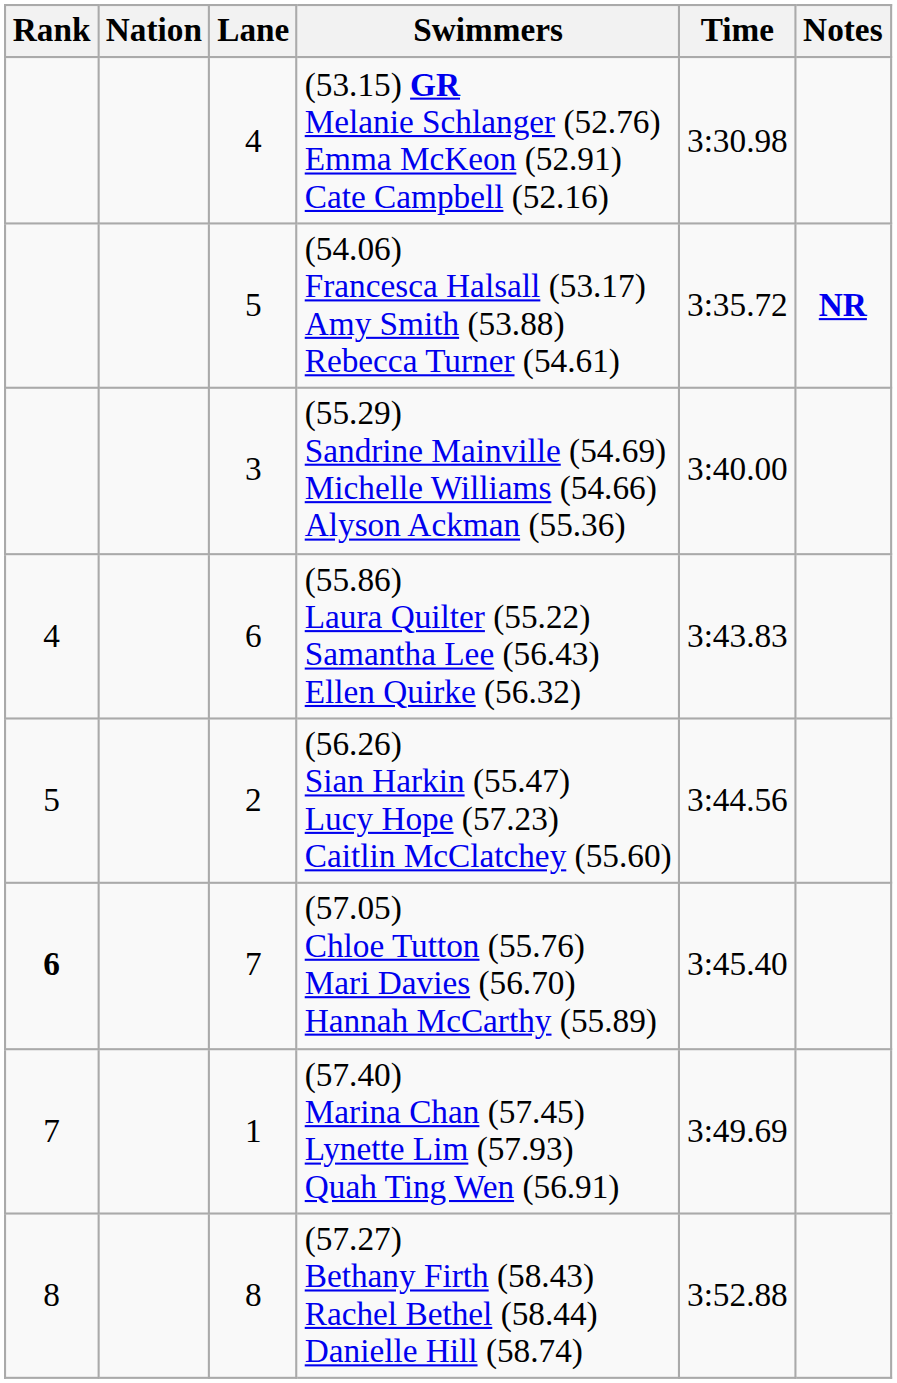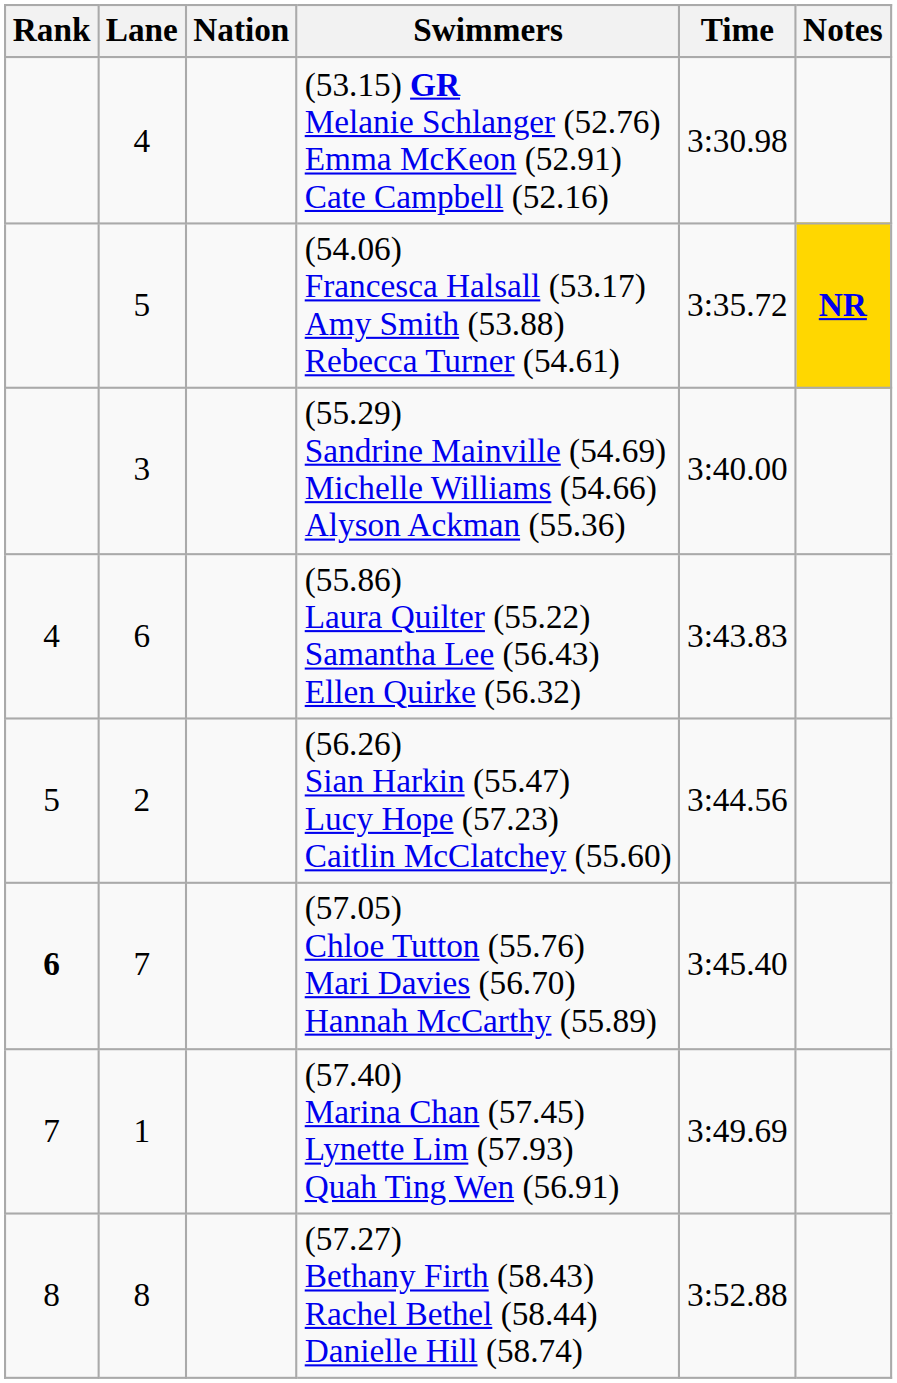 <table class="wikitable sortable" style="text-align:center">
 <tr>
 <th>Rank</th>
+<th>Lane</th>
 <th>Nation</th>
-<th>Lane</th>
 <th>Swimmers</th>
 <th>Time</th>
 <th>Notes</th>
 </tr>
 <tr>
 <td></td>
+<td>4</td>
 <td align=left></td>
-<td>4</td>
 <td align=left> (53.15) <strong><a href='#'>GR</a></strong><br><a href='#'>Melanie Schlanger</a> (52.76)<br><a href='#'>Emma McKeon</a> (52.91)<br><a href='#'>Cate Campbell</a> (52.16)</td>
 <td>3:30.98</td>
 <td></td>
 </tr>
 <tr>
 <td></td>
+<td>5</td>
 <td align=left></td>
-<td>5</td>
 <td align=left> (54.06)<br><a href='#'>Francesca Halsall</a> (53.17)<br><a href='#'>Amy Smith</a> (53.88)<br><a href='#'>Rebecca Turner</a> (54.61)</td>
 <td>3:35.72</td>
-<td><strong><a href='#'>NR</a></strong></td>
+<td style="background: gold;"><strong><a href='#'>NR</a></strong></td>
 </tr>
 <tr>
 <td></td>
+<td>3</td>
 <td align=left></td>
-<td>3</td>
 <td align=left> (55.29)<br><a href='#'>Sandrine Mainville</a> (54.69)<br><a href='#'>Michelle Williams</a> (54.66)<br><a href='#'>Alyson Ackman</a> (55.36)</td>
 <td>3:40.00</td>
 <td></td>
 </tr>
 <tr>
 <td>4</td>
+<td>6</td>
 <td align=left></td>
-<td>6</td>
 <td align=left> (55.86)<br><a href='#'>Laura Quilter</a> (55.22)<br><a href='#'>Samantha Lee</a> (56.43)<br><a href='#'>Ellen Quirke</a> (56.32)</td>
 <td>3:43.83</td>
 <td></td>
 </tr>
 <tr>
 <td>5</td>
+<td>2</td>
 <td align=left></td>
-<td>2</td>
 <td align=left> (56.26)<br><a href='#'>Sian Harkin</a> (55.47)<br><a href='#'>Lucy Hope</a> (57.23)<br><a href='#'>Caitlin McClatchey</a> (55.60)</td>
 <td>3:44.56</td>
 <td></td>
 </tr>
 <tr>
 <td><strong>6</strong></td>
+<td>7</td>
 <td align=left></td>
-<td>7</td>
 <td align=left> (57.05)<br><a href='#'>Chloe Tutton</a> (55.76)<br><a href='#'>Mari Davies</a> (56.70)<br><a href='#'>Hannah McCarthy</a> (55.89)</td>
 <td>3:45.40</td>
 <td></td>
 </tr>
 <tr>
 <td>7</td>
+<td>1</td>
 <td align=left></td>
-<td>1</td>
 <td align=left> (57.40)<br><a href='#'>Marina Chan</a> (57.45)<br><a href='#'>Lynette Lim</a> (57.93)<br><a href='#'>Quah Ting Wen</a> (56.91)</td>
 <td>3:49.69</td>
 <td></td>
 </tr>
 <tr>
 <td>8</td>
+<td>8</td>
 <td align=left></td>
-<td>8</td>
 <td align=left> (57.27)<br><a href='#'>Bethany Firth</a> (58.43)<br><a href='#'>Rachel Bethel</a> (58.44)<br><a href='#'>Danielle Hill</a> (58.74)</td>
 <td>3:52.88</td>
 <td></td>
 </tr>
 </table>
